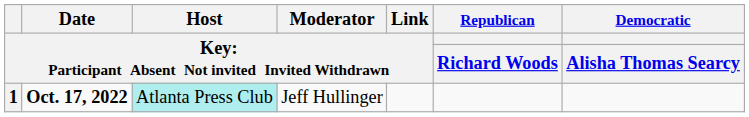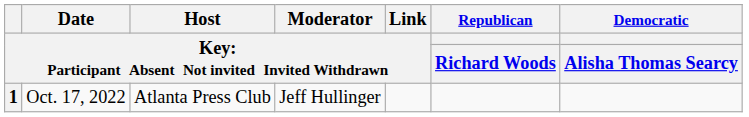 <table class="wikitable" style="text-align:center;">
 <tr>
 <th scope="col"></th>
 <th scope="col">Date</th>
 <th scope="col">Host</th>
 <th scope="col">Moderator</th>
 <th scope="col">Link</th>
 <th scope="col"><small><a href='#'>Republican</a></small></th>
 <th scope="col"><small><a href='#'>Democratic</a></small></th>
 </tr>
 <tr>
 <th colspan="5" rowspan="2">Key:<br> <small>Participant </small>  <small>Absent </small>  <small>Not invited </small>  <small>Invited  Withdrawn</small></th>
 <th scope="col" style="background:"></th>
 <th scope="col" style="background:"></th>
 </tr>
 <tr>
 <th scope="col"><a href='#'>Richard Woods</a></th>
 <th scope="col"><a href='#'>Alisha Thomas Searcy</a></th>
 </tr>
 <tr>
 <th>1</th>
-<td style="white-space:nowrap;"><strong>Oct. 17, 2022</strong></td>
-<td style="background: paleturquoise; white-space:nowrap;">Atlanta Press Club</td>
+<td style="white-space:nowrap;">Oct. 17, 2022</td>
+<td style="white-space:nowrap;">Atlanta Press Club</td>
 <td style="white-space:nowrap;">Jeff Hullinger</td>
 <td style="white-space:nowrap;"></td>
 <td></td>
 <td></td>
 </tr>
 </table>
